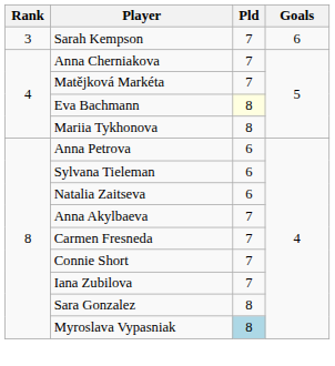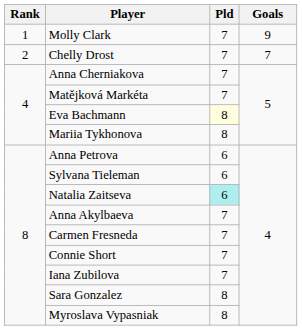 <table class="wikitable" style="text-align:center">
 <tr>
 <th width=45>Rank</th>
 <th width=200>Player</th>
 <th width=30>Pld</th>
 <th width=65>Goals</th>
 </tr>
 <tr>
-<td>3</td>
-<td style="text-align:left"> Sarah Kempson</td>
+<td>1</td>
+<td style="text-align:left"> Molly Clark</td>
 <td>7</td>
-<td>6</td>
+<td>9</td>
+</tr>
+<tr>
+<td>2</td>
+<td style="text-align:left"> Chelly Drost</td>
+<td>7</td>
+<td>7</td>
 </tr>
 <tr>
 <td rowspan=4>4</td>
 <td style="text-align:left"> Anna Cherniakova</td>
 <td>7</td>
 <td rowspan=4>5</td>
 </tr>
 <tr>
 <td style="text-align:left"> Matějková Markéta</td>
 <td>7</td>
 </tr>
 <tr>
 <td style="text-align:left"> Eva Bachmann</td>
 <td style="background: lightyellow;">8</td>
 </tr>
 <tr>
 <td style="text-align:left"> Mariia Tykhonova</td>
 <td>8</td>
 </tr>
 <tr>
 <td rowspan=9>8</td>
 <td style="text-align:left"> Anna Petrova</td>
 <td>6</td>
 <td rowspan=9>4</td>
 </tr>
 <tr>
 <td style="text-align:left"> Sylvana Tieleman</td>
 <td>6</td>
 </tr>
 <tr>
 <td style="text-align:left"> Natalia Zaitseva</td>
-<td>6</td>
+<td style="background: paleturquoise;">6</td>
 </tr>
 <tr>
 <td style="text-align:left"> Anna Akylbaeva</td>
 <td>7</td>
 </tr>
 <tr>
 <td style="text-align:left"> Carmen Fresneda</td>
 <td>7</td>
 </tr>
 <tr>
 <td style="text-align:left"> Connie Short</td>
 <td>7</td>
 </tr>
 <tr>
 <td style="text-align:left"> Iana Zubilova</td>
 <td>7</td>
 </tr>
 <tr>
 <td style="text-align:left"> Sara Gonzalez</td>
 <td>8</td>
 </tr>
 <tr>
 <td style="text-align:left"> Myroslava Vypasniak</td>
-<td style="background: lightblue;">8</td>
+<td>8</td>
 </tr>
 </table>
